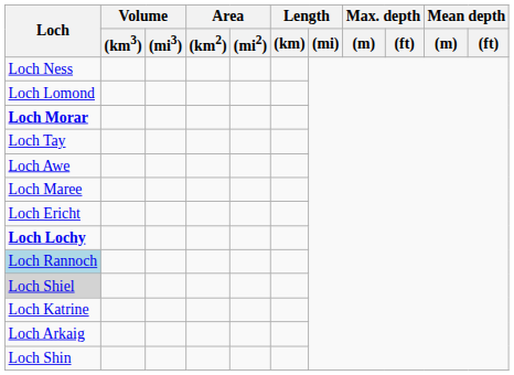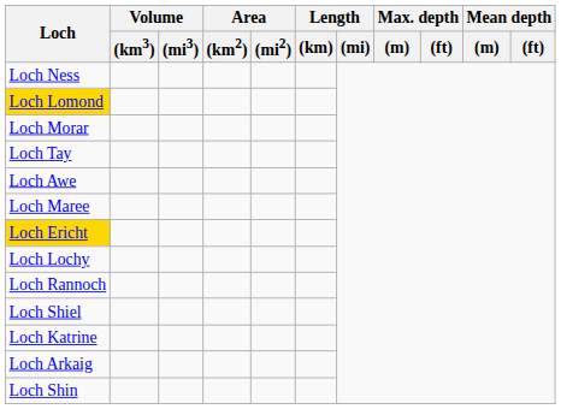 <table class="wikitable sortable sort-under-center">
 <tr>
 <th rowspan=2>Loch</th>
 <th colspan=2>Volume</th>
 <th colspan=2>Area</th>
 <th colspan=2>Length<br></th>
 <th colspan=2>Max. depth</th>
 <th colspan=2>Mean depth</th>
 </tr>
 <tr>
 <th>(km<sup>3</sup>)</th>
 <th>(mi<sup>3</sup>)</th>
 <th>(km<sup>2</sup>)</th>
 <th>(mi<sup>2</sup>)</th>
 <th>(km)</th>
 <th>(mi)</th>
 <th>(m)</th>
 <th>(ft)</th>
 <th>(m)</th>
 <th>(ft)</th>
 </tr>
 <tr>
 <td><a href='#'>Loch Ness</a></td>
 <td></td>
 <td></td>
 <td></td>
 <td></td>
 <td></td>
 </tr>
 <tr>
-<td><a href='#'>Loch Lomond</a></td>
+<td style="background: gold;"><a href='#'>Loch Lomond</a></td>
 <td></td>
 <td></td>
 <td></td>
 <td></td>
 <td></td>
 </tr>
 <tr>
-<td><strong><a href='#'>Loch Morar</a></strong></td>
+<td><a href='#'>Loch Morar</a></td>
 <td></td>
 <td></td>
 <td></td>
 <td></td>
 <td></td>
 </tr>
 <tr>
 <td><a href='#'>Loch Tay</a></td>
 <td></td>
 <td></td>
 <td></td>
 <td></td>
 <td></td>
 </tr>
 <tr>
 <td><a href='#'>Loch Awe</a></td>
 <td></td>
 <td></td>
 <td></td>
 <td></td>
 <td></td>
 </tr>
 <tr>
 <td><a href='#'>Loch Maree</a></td>
 <td></td>
 <td></td>
 <td></td>
 <td></td>
 <td></td>
 </tr>
 <tr>
-<td><a href='#'>Loch Ericht</a></td>
+<td style="background: gold;"><a href='#'>Loch Ericht</a></td>
 <td></td>
 <td></td>
 <td></td>
 <td></td>
 <td></td>
 </tr>
 <tr>
-<td><strong><a href='#'>Loch Lochy</a></strong></td>
+<td><a href='#'>Loch Lochy</a></td>
 <td></td>
 <td></td>
 <td></td>
 <td></td>
 <td></td>
 </tr>
 <tr>
-<td style="background: lightblue;"><a href='#'>Loch Rannoch</a></td>
+<td><a href='#'>Loch Rannoch</a></td>
 <td></td>
 <td></td>
 <td></td>
 <td></td>
 <td></td>
 </tr>
 <tr>
-<td style="background: lightgrey;"><a href='#'>Loch Shiel</a></td>
+<td><a href='#'>Loch Shiel</a></td>
 <td></td>
 <td></td>
 <td></td>
 <td></td>
 <td></td>
 </tr>
 <tr>
 <td><a href='#'>Loch Katrine</a></td>
 <td></td>
 <td></td>
 <td></td>
 <td></td>
 <td></td>
 </tr>
 <tr>
 <td><a href='#'>Loch Arkaig</a></td>
 <td></td>
 <td></td>
 <td></td>
 <td></td>
 <td></td>
 </tr>
 <tr>
 <td><a href='#'>Loch Shin</a></td>
 <td></td>
 <td></td>
 <td></td>
 <td></td>
 <td></td>
 </tr>
 </table>
